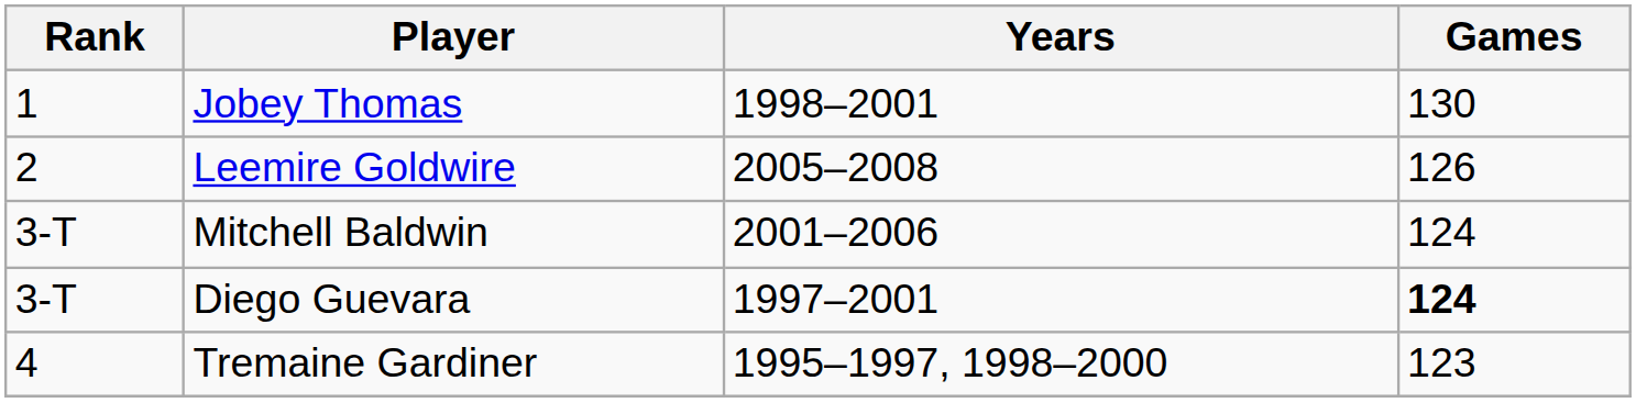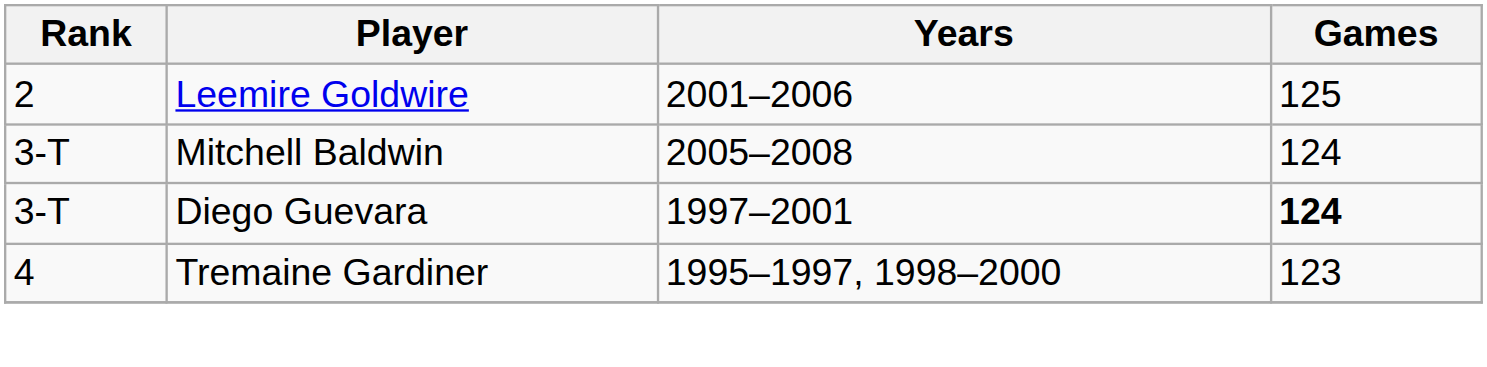 <table class="wikitable sortable" style="width: 50%">
 <tr>
 <th>Rank</th>
 <th>Player</th>
 <th>Years</th>
 <th>Games</th>
 </tr>
 <tr>
-<td>1</td>
-<td><a href='#'>Jobey Thomas</a></td>
-<td>1998–2001</td>
-<td>130</td>
-</tr>
-<tr>
 <td>2</td>
 <td><a href='#'>Leemire Goldwire</a></td>
-<td>2005–2008</td>
-<td>126</td>
+<td>2001–2006</td>
+<td>125</td>
 </tr>
 <tr>
 <td>3-T</td>
 <td>Mitchell Baldwin</td>
-<td>2001–2006</td>
+<td>2005–2008</td>
 <td>124</td>
 </tr>
 <tr>
 <td>3-T</td>
 <td>Diego Guevara</td>
 <td>1997–2001</td>
 <td><strong>124</strong></td>
 </tr>
 <tr>
 <td>4</td>
 <td>Tremaine Gardiner</td>
 <td>1995–1997, 1998–2000</td>
 <td>123</td>
 </tr>
 <tr>
 </tr>
 </table>
